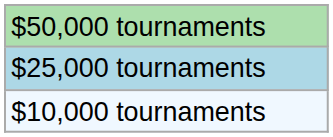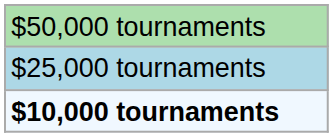 <table class="wikitable" style="font-size:85%; width:13%;">
 <tr style="background:#addfad;">
 <td>$50,000 tournaments</td>
 </tr>
 <tr style="background:lightblue;">
 <td>$25,000 tournaments</td>
 </tr>
 <tr style="background:#f0f8ff;">
-<td>$10,000 tournaments</td>
+<td><strong>$10,000 tournaments</strong></td>
 </tr>
 </table>
